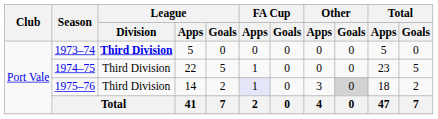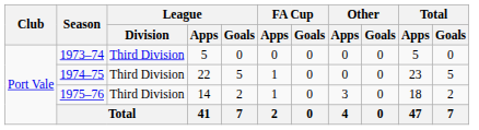 <table class="wikitable" style="text-align:center">
 <tr>
 <th rowspan="2">Club</th>
 <th rowspan="2">Season</th>
 <th colspan="3">League</th>
 <th colspan="2">FA Cup</th>
 <th colspan="2">Other</th>
 <th colspan="2">Total</th>
 </tr>
 <tr>
 <th>Division</th>
 <th>Apps</th>
 <th>Goals</th>
 <th>Apps</th>
 <th>Goals</th>
 <th>Apps</th>
 <th>Goals</th>
 <th>Apps</th>
 <th>Goals</th>
 </tr>
 <tr>
 <td rowspan="4"><a href='#'>Port Vale</a></td>
 <td><a href='#'>1973–74</a></td>
-<td><strong><a href='#'>Third Division</a></strong></td>
+<td><a href='#'>Third Division</a></td>
 <td>5</td>
 <td>0</td>
 <td>0</td>
 <td>0</td>
 <td>0</td>
 <td>0</td>
 <td>5</td>
 <td>0</td>
 </tr>
 <tr>
 <td><a href='#'>1974–75</a></td>
 <td>Third Division</td>
 <td>22</td>
 <td>5</td>
 <td>1</td>
 <td>0</td>
 <td>0</td>
 <td>0</td>
 <td>23</td>
 <td>5</td>
 </tr>
 <tr>
 <td><a href='#'>1975–76</a></td>
 <td>Third Division</td>
 <td>14</td>
 <td>2</td>
-<td style="background: lavender;">1</td>
+<td>1</td>
 <td>0</td>
 <td>3</td>
-<td style="background: lightgrey;">0</td>
+<td>0</td>
 <td>18</td>
 <td>2</td>
 </tr>
 <tr>
 <th colspan="2">Total</th>
 <th>41</th>
 <th>7</th>
 <th>2</th>
 <th>0</th>
 <th>4</th>
 <th>0</th>
 <th>47</th>
 <th>7</th>
 </tr>
 </table>
